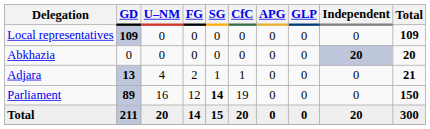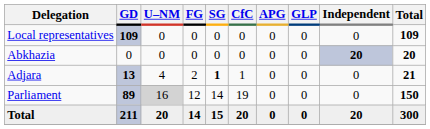 <table class="wikitable sortable" style="text-align:center;">
 <tr>
 <th>Delegation</th>
 <th style="border-bottom:3.5px solid "><a href='#'>GD</a></th>
 <th style="border-bottom:3.5px solid #d13529"><a href='#'>U–NM</a></th>
 <th style="border-bottom:3.5px solid "><a href='#'>FG</a></th>
 <th style="border-bottom:3.5px solid #FDAF11"><a href='#'>SG</a></th>
 <th style="border-bottom:3.5px solid #377149"><a href='#'>CfC</a></th>
 <th style="border-bottom:3.5px solid #E7B031"><a href='#'>APG</a></th>
 <th style="border-bottom:3.5px solid #003C7B"><a href='#'>GLP</a></th>
 <th style="border-bottom:3.5px solid gray">Independent</th>
 <th>Total</th>
 </tr>
 <tr>
 <td style="text-align:left"><a href='#'>Local representatives</a></td>
 <td style="background:#BEC6DB;"><strong>109</strong></td>
 <td>0</td>
 <td>0</td>
 <td>0</td>
 <td>0</td>
 <td>0</td>
 <td>0</td>
 <td>0</td>
 <td><strong>109</strong></td>
 </tr>
 <tr>
 <td style="text-align:left"><a href='#'>Abkhazia</a></td>
 <td>0</td>
 <td>0</td>
 <td>0</td>
 <td>0</td>
 <td>0</td>
 <td>0</td>
 <td>0</td>
 <td style="background:#BEC6DB;"><strong>20</strong></td>
 <td><strong>20</strong></td>
 </tr>
 <tr>
 <td style="text-align:left"><a href='#'>Adjara</a></td>
 <td style="background:#BEC6DB;"><strong>13</strong></td>
 <td>4</td>
 <td>2</td>
-<td>1</td>
+<td><strong>1</strong></td>
 <td>1</td>
 <td>0</td>
 <td>0</td>
 <td>0</td>
 <td><strong>21</strong></td>
 </tr>
 <tr>
 <td style="text-align:left"><a href='#'>Parliament</a></td>
 <td style="background:#BEC6DB;"><strong>89</strong></td>
-<td>16</td>
+<td style="background: lightgrey;">16</td>
 <td>12</td>
-<td><strong>14</strong></td>
+<td>14</td>
 <td>19</td>
 <td>0</td>
 <td>0</td>
 <td>0</td>
 <td><strong>150</strong></td>
 </tr>
 <tr style="font-weight:bold; background:#EFEFEF;">
 <td style="text-align:left">Total</td>
 <td style="background:#BEC6DB;"><strong>211</strong></td>
 <td>20</td>
 <td>14</td>
 <td>15</td>
 <td>20</td>
 <td>0</td>
 <td>0</td>
 <td>20</td>
 <td><strong>300</strong></td>
 </tr>
 <tr>
 </tr>
 </table>
